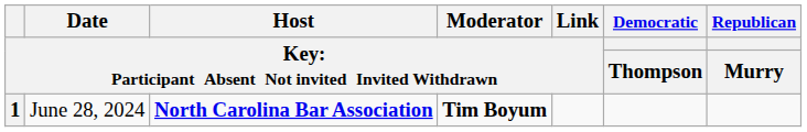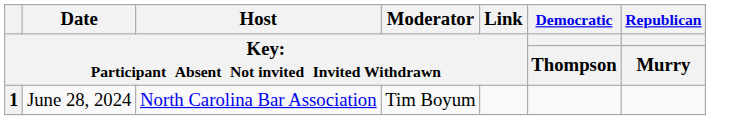 <table class="wikitable" style="text-align:center;">
 <tr>
 <th scope="col"></th>
 <th scope="col">Date</th>
 <th scope="col">Host</th>
 <th scope="col">Moderator</th>
 <th scope="col">Link</th>
 <th scope="col"><small><a href='#'>Democratic</a></small></th>
 <th scope="col"><small><a href='#'>Republican</a></small></th>
 </tr>
 <tr>
 <th colspan="5" rowspan="2">Key:<br> <small>Participant </small>  <small>Absent </small>  <small>Not invited </small>  <small>Invited  Withdrawn</small></th>
 <th scope="col" style="background:"></th>
 <th scope="col" style="background:"></th>
 </tr>
 <tr>
 <th scope="col">Thompson</th>
 <th scope="col">Murry</th>
 </tr>
 <tr>
 <th>1</th>
 <td style="white-space:nowrap;">June 28, 2024</td>
-<td style="white-space:nowrap;"><strong><a href='#'>North Carolina Bar Association</a></strong></td>
-<td style="white-space:nowrap;"><strong>Tim Boyum</strong></td>
+<td style="white-space:nowrap;"><a href='#'>North Carolina Bar Association</a></td>
+<td style="white-space:nowrap;">Tim Boyum</td>
 <td style="white-space:nowrap;"></td>
 <td></td>
 <td></td>
 </tr>
 </table>
